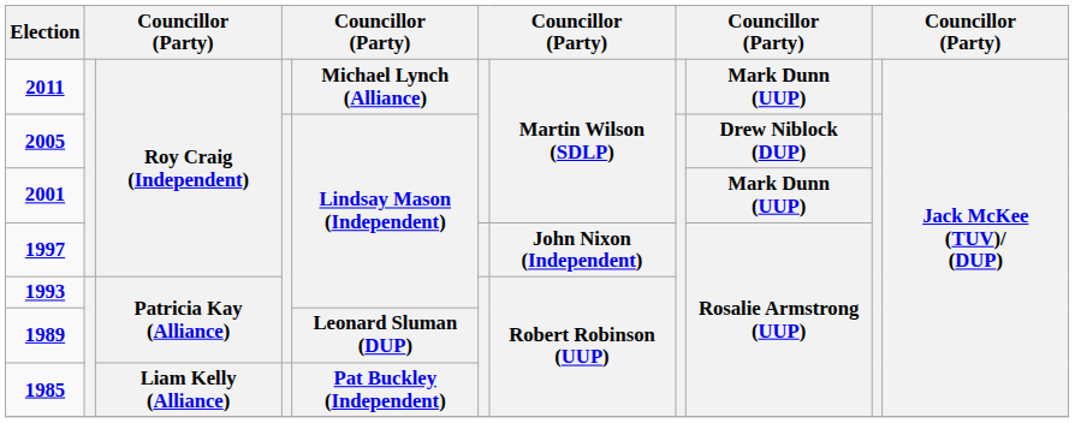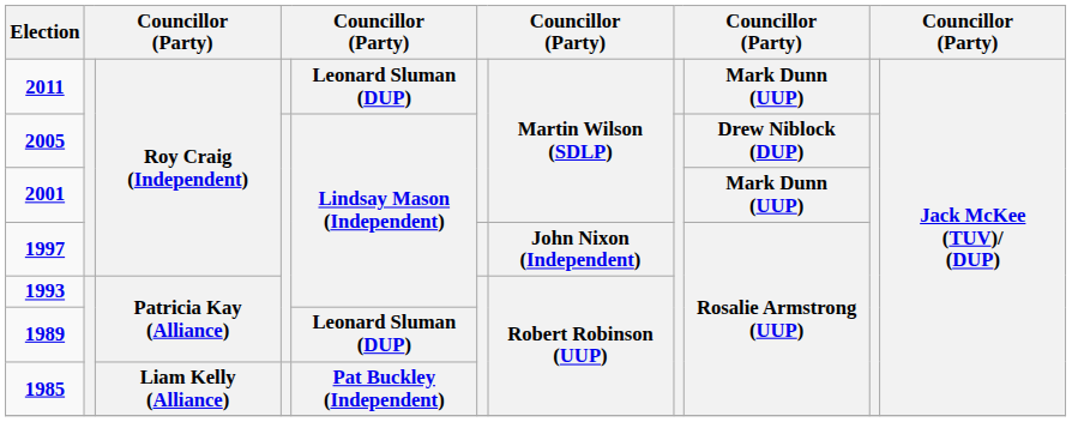 <table class="wikitable" style="text-align:center">
 <tr>
 <th scope="col" width="50">Election</th>
 <th scope="col" width="150" colspan = "2">Councillor<br> (Party)</th>
 <th scope="col" width="150" colspan = "2">Councillor<br> (Party)</th>
 <th scope="col" width="150" colspan = "2">Councillor<br> (Party)</th>
 <th scope="col" width="150" colspan = "2">Councillor<br> (Party)</th>
 <th scope="col" width="150" colspan = "2">Councillor<br> (Party)</th>
 </tr>
 <tr>
 <td><strong><a href='#'>2011</a></strong></td>
 <th rowspan="4" width="1" style="background-color: "></th>
 <th rowspan = "4">Roy Craig <br> (<a href='#'>Independent</a>)</th>
 <th rowspan="1" width="1" style="background-color: "></th>
-<th rowspan = "1">Michael Lynch <br> (<a href='#'>Alliance</a>)</th>
+<th rowspan = "1">Leonard Sluman <br> (<a href='#'>DUP</a>)</th>
 <th rowspan="3" width="1" style="background-color: "></th>
 <th rowspan = "3">Martin Wilson <br> (<a href='#'>SDLP</a>)</th>
 <th rowspan="1" width="1" style="background-color: "></th>
 <th rowspan = "1">Mark Dunn <br> (<a href='#'>UUP</a>)</th>
 <th rowspan="1" width="1" style="background-color: "></th>
 <th rowspan = "7"><a href='#'>Jack McKee</a> <br> (<a href='#'>TUV</a>)/ <br> (<a href='#'>DUP</a>)</th>
 </tr>
 <tr>
 <td><strong><a href='#'>2005</a></strong></td>
 <th rowspan="5" width="1" style="background-color: "></th>
 <th rowspan = "4"><a href='#'>Lindsay Mason</a> <br> (<a href='#'>Independent</a>)</th>
 <th rowspan="6" width="1" style="background-color: "></th>
 <th rowspan = "1">Drew Niblock <br> (<a href='#'>DUP</a>)</th>
 <th rowspan="6" width="1" style="background-color: "></th>
 </tr>
 <tr>
 <td><strong><a href='#'>2001</a></strong></td>
 <th rowspan = "1">Mark Dunn <br> (<a href='#'>UUP</a>)</th>
 </tr>
 <tr>
 <td><strong><a href='#'>1997</a></strong></td>
 <th rowspan="1" width="1" style="background-color: "></th>
 <th rowspan = "1">John Nixon <br> (<a href='#'>Independent</a>)</th>
 <th rowspan = "4">Rosalie Armstrong <br> (<a href='#'>UUP</a>)</th>
 </tr>
 <tr>
 <td><strong><a href='#'>1993</a></strong></td>
 <th rowspan="3" width="1" style="background-color: "></th>
 <th rowspan = "2">Patricia Kay <br> (<a href='#'>Alliance</a>)</th>
 <th rowspan="3" width="1" style="background-color: "></th>
 <th rowspan = "3">Robert Robinson <br> (<a href='#'>UUP</a>)</th>
 </tr>
 <tr>
 <td><strong><a href='#'>1989</a></strong></td>
 <th rowspan = "1">Leonard Sluman <br> (<a href='#'>DUP</a>)</th>
 </tr>
 <tr>
 <td><strong><a href='#'>1985</a></strong></td>
 <th rowspan = "1">Liam Kelly <br> (<a href='#'>Alliance</a>)</th>
 <th rowspan="1" width="1" style="background-color: "></th>
 <th rowspan = "1"><a href='#'>Pat Buckley</a> <br> (<a href='#'>Independent</a>)</th>
 </tr>
 <tr>
 </tr>
 </table>
